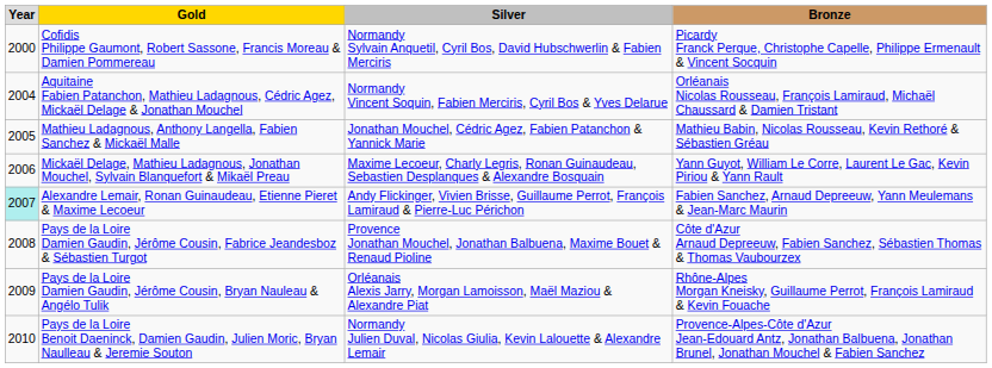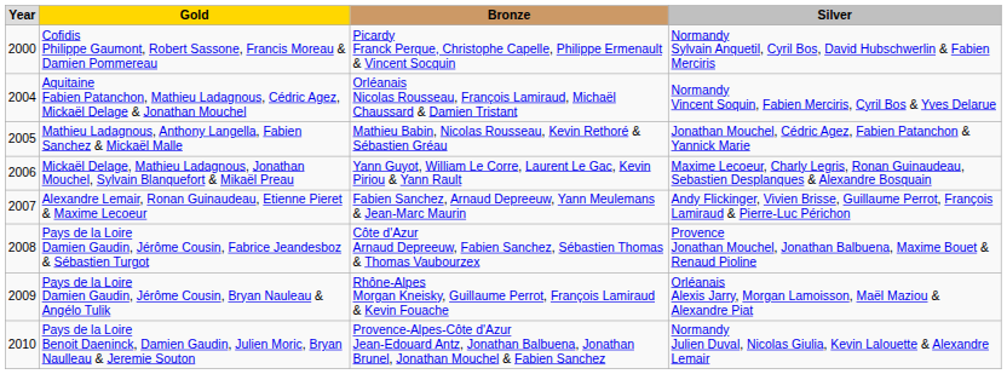 <table class="wikitable" style="width: 80%; text-align:left;">
 <tr>
 <td style="background:#DDDDDD; font-weight:bold; text-align:center;">Year</td>
 <td style="background:gold; font-weight:bold; text-align:center;">Gold</td>
+<td style="background:#cc9966; font-weight:bold; text-align:center;">Bronze</td>
 <td style="background:silver; font-weight:bold; text-align:center;">Silver</td>
-<td style="background:#cc9966; font-weight:bold; text-align:center;">Bronze</td>
 </tr>
 <tr>
 <td>2000</td>
 <td><a href='#'>Cofidis</a><br> <a href='#'>Philippe Gaumont</a>, <a href='#'>Robert Sassone</a>, <a href='#'>Francis Moreau</a> & <a href='#'>Damien Pommereau</a></td>
+<td><a href='#'>Picardy</a><br> <a href='#'>Franck Perque, Christophe Capelle</a>, <a href='#'>Philippe Ermenault</a> & <a href='#'>Vincent Socquin</a></td>
 <td><a href='#'>Normandy</a><br> <a href='#'>Sylvain Anquetil</a>, <a href='#'>Cyril Bos</a>, <a href='#'>David Hubschwerlin</a> & <a href='#'>Fabien Merciris</a></td>
-<td><a href='#'>Picardy</a><br> <a href='#'>Franck Perque, Christophe Capelle</a>, <a href='#'>Philippe Ermenault</a> & <a href='#'>Vincent Socquin</a></td>
 </tr>
 <tr>
 <td>2004</td>
 <td><a href='#'>Aquitaine</a><br><a href='#'>Fabien Patanchon</a>, <a href='#'>Mathieu Ladagnous</a>, <a href='#'>Cédric Agez</a>, <a href='#'>Mickaël Delage</a> & <a href='#'>Jonathan Mouchel</a></td>
+<td><a href='#'>Orléanais</a><br><a href='#'>Nicolas Rousseau</a>, <a href='#'>François Lamiraud</a>, <a href='#'>Michaël Chaussard</a> & <a href='#'>Damien Tristant</a></td>
 <td><a href='#'>Normandy</a><br><a href='#'>Vincent Soquin</a>, <a href='#'>Fabien Merciris</a>, <a href='#'>Cyril Bos</a> & <a href='#'>Yves Delarue</a></td>
-<td><a href='#'>Orléanais</a><br><a href='#'>Nicolas Rousseau</a>, <a href='#'>François Lamiraud</a>, <a href='#'>Michaël Chaussard</a> & <a href='#'>Damien Tristant</a></td>
 </tr>
 <tr>
 <td>2005</td>
 <td><a href='#'>Mathieu Ladagnous</a>, <a href='#'>Anthony Langella</a>, <a href='#'>Fabien Sanchez</a> & <a href='#'>Mickaël Malle</a></td>
+<td><a href='#'>Mathieu Babin</a>, <a href='#'>Nicolas Rousseau</a>, <a href='#'>Kevin Rethoré</a> & <a href='#'>Sébastien Gréau</a></td>
 <td><a href='#'>Jonathan Mouchel</a>, <a href='#'>Cédric Agez</a>, <a href='#'>Fabien Patanchon</a> & <a href='#'>Yannick Marie</a></td>
-<td><a href='#'>Mathieu Babin</a>, <a href='#'>Nicolas Rousseau</a>, <a href='#'>Kevin Rethoré</a> & <a href='#'>Sébastien Gréau</a></td>
 </tr>
 <tr>
 <td>2006</td>
 <td><a href='#'>Mickaël Delage</a>, <a href='#'>Mathieu Ladagnous</a>, <a href='#'>Jonathan Mouchel</a>, <a href='#'>Sylvain Blanquefort</a> & <a href='#'>Mikaël Preau</a></td>
+<td><a href='#'>Yann Guyot</a>, <a href='#'>William Le Corre</a>, <a href='#'>Laurent Le Gac</a>, <a href='#'>Kevin Piriou</a> & <a href='#'>Yann Rault</a></td>
 <td><a href='#'>Maxime Lecoeur</a>, <a href='#'>Charly Legris</a>, <a href='#'>Ronan Guinaudeau</a>, <a href='#'>Sebastien Desplanques</a> & <a href='#'>Alexandre Bosquain</a></td>
-<td><a href='#'>Yann Guyot</a>, <a href='#'>William Le Corre</a>, <a href='#'>Laurent Le Gac</a>, <a href='#'>Kevin Piriou</a> & <a href='#'>Yann Rault</a></td>
 </tr>
 <tr>
-<td style="background: paleturquoise;">2007</td>
+<td>2007</td>
 <td><a href='#'>Alexandre Lemair</a>, <a href='#'>Ronan Guinaudeau</a>, <a href='#'>Etienne Pieret</a> & <a href='#'>Maxime Lecoeur</a></td>
+<td><a href='#'>Fabien Sanchez</a>, <a href='#'>Arnaud Depreeuw</a>, <a href='#'>Yann Meulemans</a> & <a href='#'>Jean-Marc Maurin</a></td>
 <td><a href='#'>Andy Flickinger</a>, <a href='#'>Vivien Brisse</a>, <a href='#'>Guillaume Perrot</a>, <a href='#'>François Lamiraud</a> & <a href='#'>Pierre-Luc Périchon</a></td>
-<td><a href='#'>Fabien Sanchez</a>, <a href='#'>Arnaud Depreeuw</a>, <a href='#'>Yann Meulemans</a> & <a href='#'>Jean-Marc Maurin</a></td>
 </tr>
 <tr>
 <td>2008</td>
 <td><a href='#'>Pays de la Loire</a><br><a href='#'>Damien Gaudin</a>, <a href='#'>Jérôme Cousin</a>, <a href='#'>Fabrice Jeandesboz</a> & <a href='#'>Sébastien Turgot</a></td>
+<td><a href='#'>Côte d'Azur</a><br> <a href='#'>Arnaud Depreeuw</a>, <a href='#'>Fabien Sanchez</a>, <a href='#'>Sébastien Thomas</a> & <a href='#'>Thomas Vaubourzex</a></td>
 <td><a href='#'>Provence</a><br><a href='#'>Jonathan Mouchel</a>, <a href='#'>Jonathan Balbuena</a>, <a href='#'>Maxime Bouet</a> & <a href='#'>Renaud Pioline</a></td>
-<td><a href='#'>Côte d'Azur</a><br> <a href='#'>Arnaud Depreeuw</a>, <a href='#'>Fabien Sanchez</a>, <a href='#'>Sébastien Thomas</a> & <a href='#'>Thomas Vaubourzex</a></td>
 </tr>
 <tr>
 <td>2009</td>
 <td><a href='#'>Pays de la Loire</a><br><a href='#'>Damien Gaudin</a>, <a href='#'>Jérôme Cousin</a>, <a href='#'>Bryan Nauleau</a> & <a href='#'>Angélo Tulik</a></td>
+<td><a href='#'>Rhône-Alpes</a><br><a href='#'>Morgan Kneisky</a>, <a href='#'>Guillaume Perrot</a>, <a href='#'>François Lamiraud</a> & <a href='#'>Kevin Fouache</a></td>
 <td><a href='#'>Orléanais</a><br><a href='#'>Alexis Jarry</a>, <a href='#'>Morgan Lamoisson</a>, <a href='#'>Maël Maziou</a> & <a href='#'>Alexandre Piat</a></td>
-<td><a href='#'>Rhône-Alpes</a><br><a href='#'>Morgan Kneisky</a>, <a href='#'>Guillaume Perrot</a>, <a href='#'>François Lamiraud</a> & <a href='#'>Kevin Fouache</a></td>
 </tr>
 <tr>
 <td>2010</td>
 <td><a href='#'>Pays de la Loire</a><br><a href='#'>Benoit Daeninck</a>, <a href='#'>Damien Gaudin</a>, <a href='#'>Julien Moric</a>, <a href='#'>Bryan Naulleau</a> & <a href='#'>Jeremie Souton</a></td>
+<td><a href='#'>Provence-Alpes-Côte d'Azur</a><br><a href='#'>Jean-Edouard Antz</a>, <a href='#'>Jonathan Balbuena</a>, <a href='#'>Jonathan Brunel</a>, <a href='#'>Jonathan Mouchel</a> & <a href='#'>Fabien Sanchez</a></td>
 <td><a href='#'>Normandy</a><br><a href='#'>Julien Duval</a>, <a href='#'>Nicolas Giulia</a>, <a href='#'>Kevin Lalouette</a> & <a href='#'>Alexandre Lemair</a></td>
-<td><a href='#'>Provence-Alpes-Côte d'Azur</a><br><a href='#'>Jean-Edouard Antz</a>, <a href='#'>Jonathan Balbuena</a>, <a href='#'>Jonathan Brunel</a>, <a href='#'>Jonathan Mouchel</a> & <a href='#'>Fabien Sanchez</a></td>
 </tr>
 </table>
